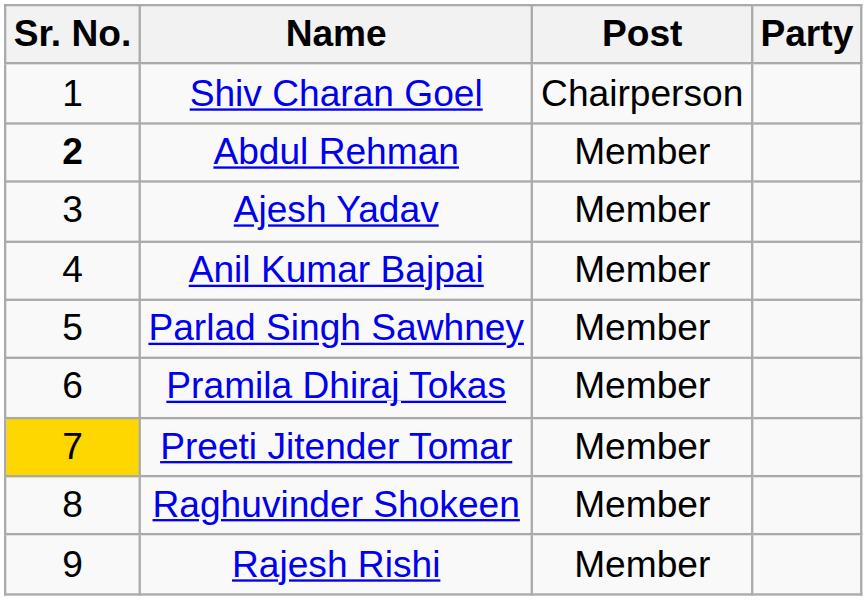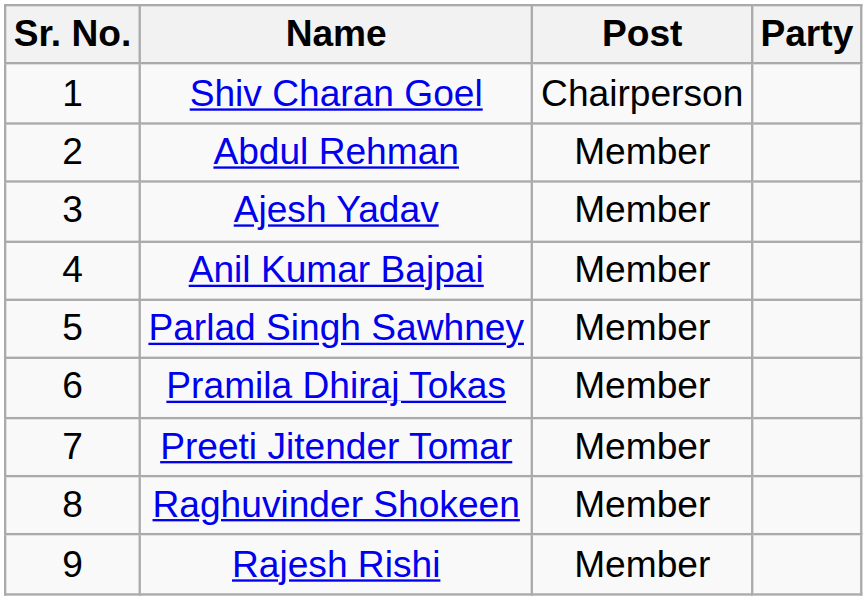 <table class="wikitable sortable">
 <tr>
 <th>Sr. No.</th>
 <th>Name</th>
 <th>Post</th>
 <th colspan="2">Party</th>
 </tr>
 <tr align="center">
 <td>1</td>
 <td><a href='#'>Shiv Charan Goel</a></td>
 <td>Chairperson</td>
 <td></td>
 </tr>
 <tr align="center">
-<td><strong>2</strong></td>
+<td>2</td>
 <td><a href='#'>Abdul Rehman</a></td>
 <td>Member</td>
 <td></td>
 </tr>
 <tr align="center">
 <td>3</td>
 <td><a href='#'>Ajesh Yadav</a></td>
 <td>Member</td>
 <td></td>
 </tr>
 <tr align="center">
 <td>4</td>
 <td><a href='#'>Anil Kumar Bajpai</a></td>
 <td>Member</td>
 <td></td>
 </tr>
 <tr align="center">
 <td>5</td>
 <td><a href='#'>Parlad Singh Sawhney</a></td>
 <td>Member</td>
 <td></td>
 </tr>
 <tr align="center">
 <td>6</td>
 <td><a href='#'>Pramila Dhiraj Tokas</a></td>
 <td>Member</td>
 <td></td>
 </tr>
 <tr align="center">
-<td style="background: gold;">7</td>
+<td>7</td>
 <td><a href='#'>Preeti Jitender Tomar</a></td>
 <td>Member</td>
 <td></td>
 </tr>
 <tr align="center">
 <td>8</td>
 <td><a href='#'>Raghuvinder Shokeen</a></td>
 <td>Member</td>
 <td></td>
 </tr>
 <tr align="center">
 <td>9</td>
 <td><a href='#'>Rajesh Rishi</a></td>
 <td>Member</td>
 <td></td>
 </tr>
 </table>
